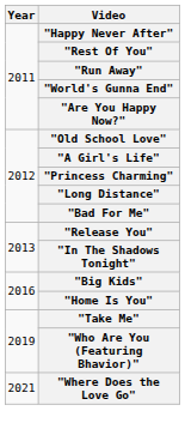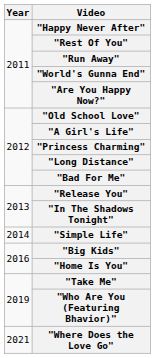 <table class="wikitable plainrowheaders">
 <tr>
 <th>Year</th>
 <th style="width:12em;">Video</th>
 </tr>
 <tr>
 <td rowspan="5">2011</td>
 <th scope="row">"Happy Never After"</th>
 </tr>
 <tr>
 <th scope="row">"Rest Of You"</th>
 </tr>
 <tr>
 <th scope="row">"Run Away"</th>
 </tr>
 <tr>
 <th scope="row">"World's Gunna End"</th>
 </tr>
 <tr>
 <th scope="row">"Are You Happy Now?"</th>
 </tr>
 <tr>
 <td rowspan="5">2012</td>
 <th scope="row">"Old School Love"</th>
 </tr>
 <tr>
 <th scope="row">"A Girl's Life"</th>
 </tr>
 <tr>
 <th scope="row">"Princess Charming"</th>
 </tr>
 <tr>
 <th scope="row">"Long Distance"</th>
 </tr>
 <tr>
 <th scope="row">"Bad For Me"</th>
 </tr>
 <tr>
 <td rowspan="2">2013</td>
 <th scope="row">"Release You"</th>
 </tr>
 <tr>
 <th scope="row">"In The Shadows Tonight"</th>
 </tr>
 <tr>
+<td>2014</td>
+<th scope="row">"Simple Life"</th>
+</tr>
+<tr>
 <td rowspan="2">2016</td>
 <th scope="row">"Big Kids"</th>
 </tr>
 <tr>
 <th scope="row">"Home Is You"</th>
 </tr>
 <tr>
 <td rowspan="2">2019</td>
 <th scope="row">"Take Me"</th>
 </tr>
 <tr>
 <th scope="row">"Who Are You (Featuring Bhavior)"</th>
 </tr>
 <tr>
 <td rowspan="2">2021</td>
 <th scope="row">"Where Does the Love Go"</th>
 </tr>
 </table>
